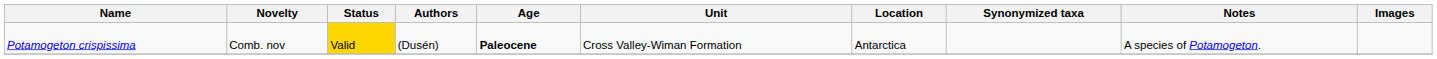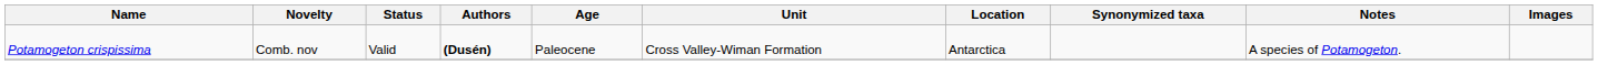 <table class="wikitable sortable" align="center" width="100%">
 <tr>
 <th>Name</th>
 <th>Novelty</th>
 <th>Status</th>
 <th>Authors</th>
 <th>Age</th>
 <th>Unit</th>
 <th>Location</th>
 <th>Synonymized taxa</th>
 <th>Notes</th>
 <th>Images</th>
 </tr>
 <tr>
 <td><br><em><a href='#'>Potamogeton crispissima</a></em></td>
 <td><br>Comb. nov</td>
-<td style="background: gold;"><br>Valid</td>
-<td><br>(Dusén)</td>
-<td><strong><br>Paleocene</strong></td>
+<td><br>Valid</td>
+<td><strong><br>(Dusén)</strong></td>
+<td><br>Paleocene</td>
 <td><br>Cross Valley-Wiman Formation</td>
 <td><br>Antarctica</td>
 <td></td>
 <td><br>A species of <em><a href='#'>Potamogeton</a></em>.</td>
 <td></td>
 </tr>
 <tr>
 </tr>
 </table>
